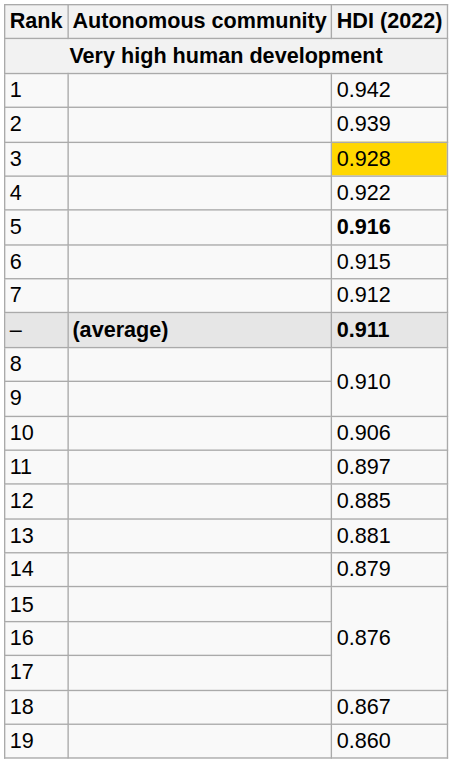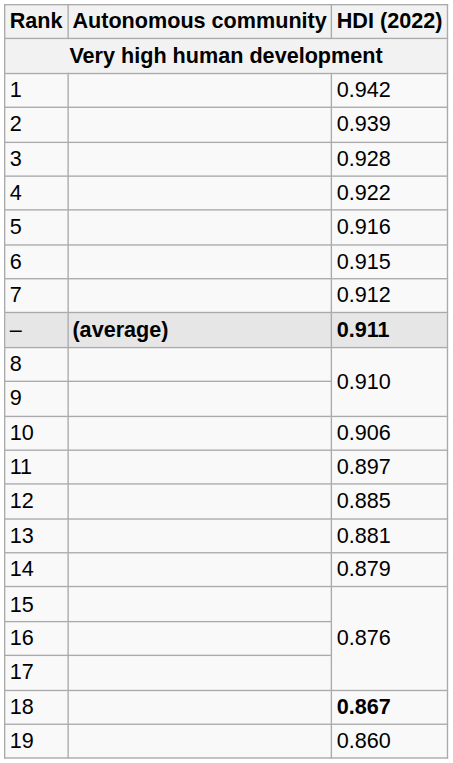 <table class="wikitable sortable">
 <tr>
 <th>Rank</th>
 <th>Autonomous community</th>
 <th>HDI (2022)</th>
 </tr>
 <tr>
 <th colspan="4" style="color:090;">Very high human development</th>
 </tr>
 <tr>
 <td>1</td>
 <td></td>
 <td>0.942</td>
 </tr>
 <tr>
 <td>2</td>
 <td></td>
 <td>0.939</td>
 </tr>
 <tr>
 <td>3</td>
 <td></td>
-<td style="background: gold;">0.928</td>
+<td>0.928</td>
 </tr>
 <tr>
 <td>4</td>
 <td></td>
 <td>0.922</td>
 </tr>
 <tr>
 <td>5</td>
 <td></td>
-<td><strong>0.916</strong></td>
+<td>0.916</td>
 </tr>
 <tr>
 <td>6</td>
 <td></td>
 <td>0.915</td>
 </tr>
 <tr>
 <td>7</td>
 <td></td>
 <td>0.912</td>
 </tr>
 <tr style="background:#e6e6e6">
 <td>–</td>
 <td><strong> (average)</strong></td>
 <td><strong>0.911</strong></td>
 </tr>
 <tr>
 <td>8</td>
 <td></td>
 <td rowspan="2">0.910</td>
 </tr>
 <tr>
 <td>9</td>
 <td></td>
 </tr>
 <tr>
 <td>10</td>
 <td></td>
 <td>0.906</td>
 </tr>
 <tr>
 <td>11</td>
 <td></td>
 <td>0.897</td>
 </tr>
 <tr>
 <td>12</td>
 <td></td>
 <td>0.885</td>
 </tr>
 <tr>
 <td>13</td>
 <td></td>
 <td>0.881</td>
 </tr>
 <tr>
 <td>14</td>
 <td></td>
 <td>0.879</td>
 </tr>
 <tr>
 <td>15</td>
 <td></td>
 <td rowspan="3">0.876</td>
 </tr>
 <tr>
 <td>16</td>
 <td></td>
 </tr>
 <tr>
 <td>17</td>
 <td></td>
 </tr>
 <tr>
 <td>18</td>
 <td></td>
-<td>0.867</td>
+<td><strong>0.867</strong></td>
 </tr>
 <tr>
 <td>19</td>
 <td></td>
 <td>0.860</td>
 </tr>
 </table>
